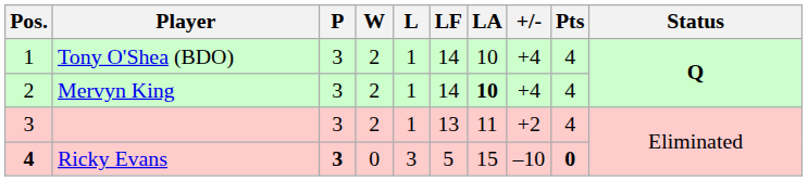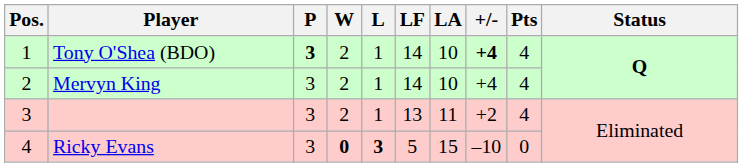 <table class="wikitable" style="text-align:center; margin: 1em auto 1em auto, align:left">
 <tr>
 <th width=20>Pos.</th>
 <th width=190>Player</th>
 <th width=20>P</th>
 <th width=20>W</th>
 <th width=20>L</th>
 <th width=20>LF</th>
 <th width=20>LA</th>
 <th width=25>+/-</th>
 <th width=20>Pts</th>
 <th width=150>Status</th>
 </tr>
 <tr style="background:#CCFFCC;">
 <td>1</td>
 <td style="text-align:left;"> <a href='#'>Tony O'Shea</a> (BDO)</td>
-<td>3</td>
+<td><strong>3</strong></td>
 <td>2</td>
 <td>1</td>
 <td>14</td>
 <td>10</td>
-<td>+4</td>
+<td><strong>+4</strong></td>
 <td>4</td>
 <td rowspan=2><strong>Q</strong></td>
 </tr>
 <tr style="background:#CCFFCC;">
 <td>2</td>
 <td style="text-align:left;"> <a href='#'>Mervyn King</a></td>
 <td>3</td>
 <td>2</td>
 <td>1</td>
 <td>14</td>
-<td><strong>10</strong></td>
+<td>10</td>
 <td>+4</td>
 <td>4</td>
 </tr>
 <tr style="background:#FFCCCC;">
 <td>3</td>
 <td style="text-align:left;"></td>
 <td>3</td>
 <td>2</td>
 <td>1</td>
 <td>13</td>
 <td>11</td>
 <td>+2</td>
 <td>4</td>
 <td rowspan=2>Eliminated</td>
 </tr>
 <tr style="background:#FFCCCC;">
-<td><strong>4</strong></td>
+<td>4</td>
 <td style="text-align:left;"> <a href='#'>Ricky Evans</a></td>
+<td>3</td>
+<td><strong>0</strong></td>
 <td><strong>3</strong></td>
-<td>0</td>
-<td>3</td>
 <td>5</td>
 <td>15</td>
 <td>–10</td>
-<td><strong>0</strong></td>
+<td>0</td>
 </tr>
 </table>
